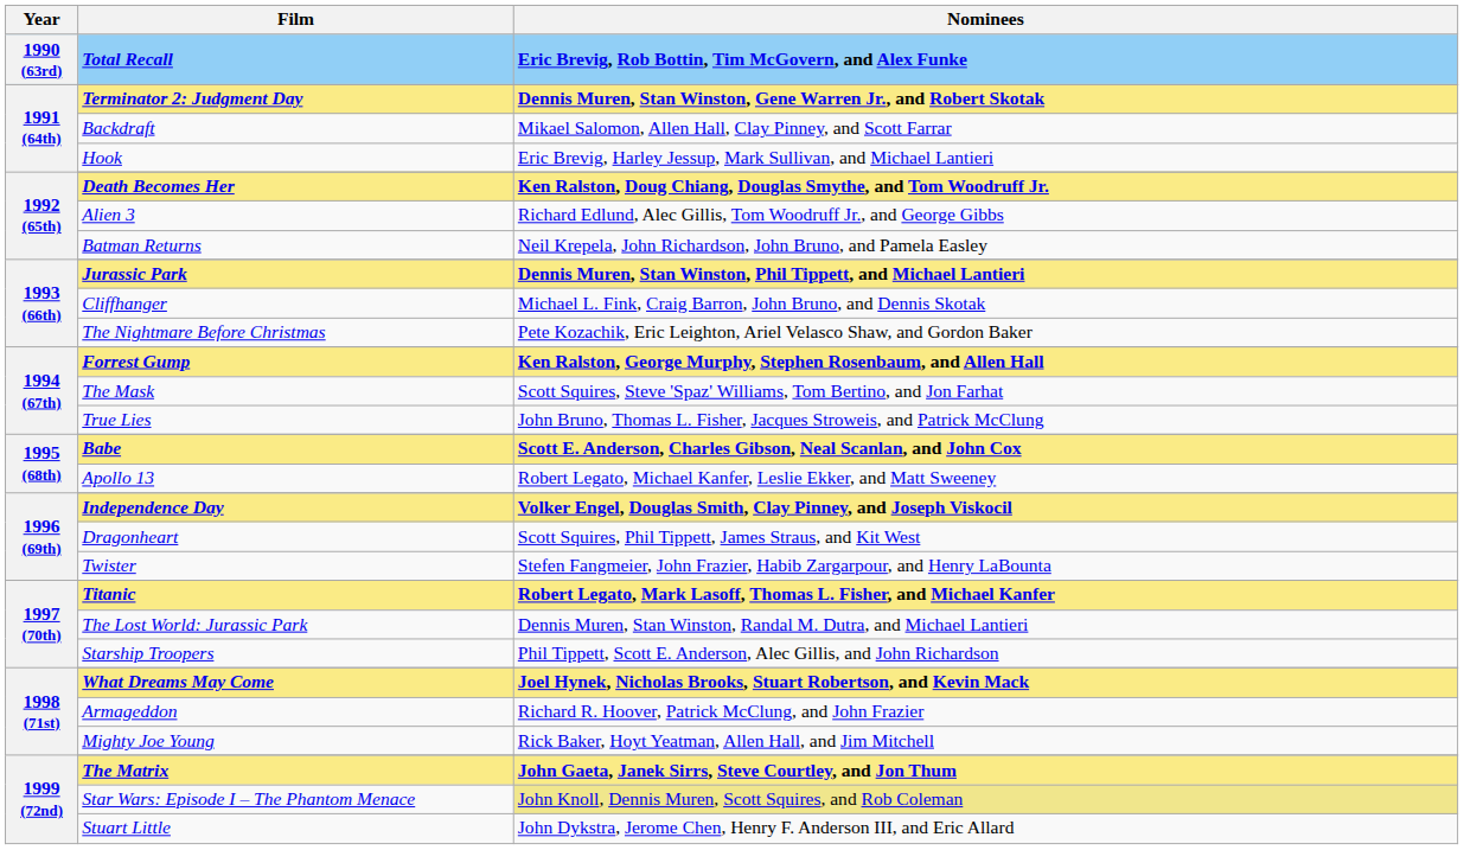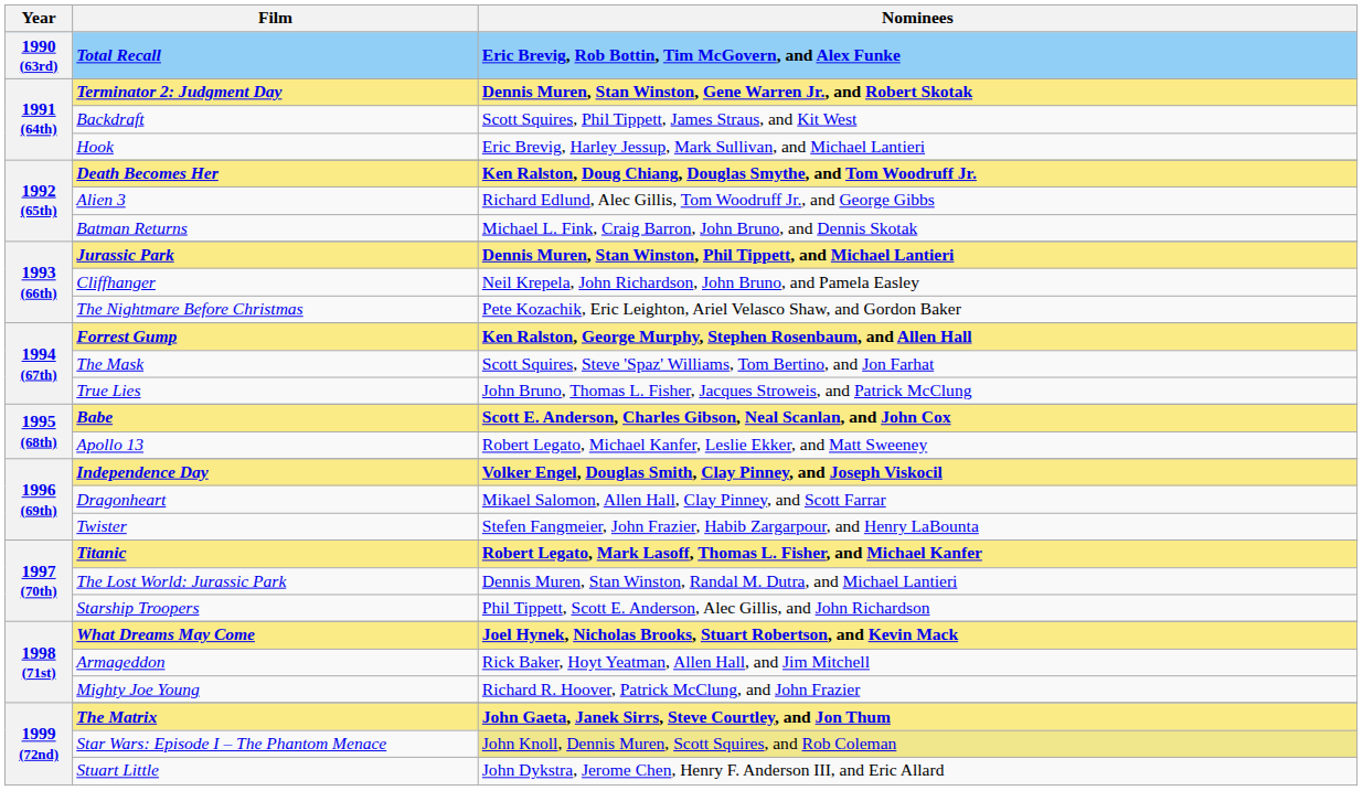 <table class="wikitable" style="width:100%">
 <tr bgcolor="#bebebe">
 <th width="5%">Year</th>
 <th width="30%">Film</th>
 <th width="65%">Nominees</th>
 </tr>
 <tr style="background:#91CFF6;">
 <th><a href='#'>1990</a><br><small><a href='#'>(63rd)</a></small></th>
 <td><strong><em><a href='#'>Total Recall</a></em></strong> </td>
 <td><strong><a href='#'>Eric Brevig</a>, <a href='#'>Rob Bottin</a>, <a href='#'>Tim McGovern</a>, and <a href='#'>Alex Funke</a></strong></td>
 </tr>
 <tr>
 <th rowspan="4" style="text-align:center"><a href='#'>1991</a><br><small><a href='#'>(64th)</a></small></th>
 </tr>
 <tr style="background:#FAEB86">
 <td><strong><em><a href='#'>Terminator 2: Judgment Day</a></em></strong></td>
 <td><strong><a href='#'>Dennis Muren</a>, <a href='#'>Stan Winston</a>, <a href='#'>Gene Warren Jr.</a>, and <a href='#'>Robert Skotak</a></strong></td>
 </tr>
 <tr>
 <td><em><a href='#'>Backdraft</a></em></td>
-<td><a href='#'>Mikael Salomon</a>, <a href='#'>Allen Hall</a>, <a href='#'>Clay Pinney</a>, and <a href='#'>Scott Farrar</a></td>
+<td><a href='#'>Scott Squires</a>, <a href='#'>Phil Tippett</a>, <a href='#'>James Straus</a>, and <a href='#'>Kit West</a></td>
 </tr>
 <tr>
 <td><em><a href='#'>Hook</a></em></td>
 <td><a href='#'>Eric Brevig</a>, <a href='#'>Harley Jessup</a>, <a href='#'>Mark Sullivan</a>, and <a href='#'>Michael Lantieri</a></td>
 </tr>
 <tr>
 <th rowspan="4" style="text-align:center"><a href='#'>1992</a><br><small><a href='#'>(65th)</a></small></th>
 </tr>
 <tr style="background:#FAEB86">
 <td><strong><em><a href='#'>Death Becomes Her</a></em></strong></td>
 <td><strong><a href='#'>Ken Ralston</a>, <a href='#'>Doug Chiang</a>, <a href='#'>Douglas Smythe</a>, and <a href='#'>Tom Woodruff Jr.</a></strong></td>
 </tr>
 <tr>
 <td><em><a href='#'>Alien 3</a></em></td>
 <td><a href='#'>Richard Edlund</a>, Alec Gillis, <a href='#'>Tom Woodruff Jr.</a>, and <a href='#'>George Gibbs</a></td>
 </tr>
 <tr>
 <td><em><a href='#'>Batman Returns</a></em></td>
-<td><a href='#'>Neil Krepela</a>, <a href='#'>John Richardson</a>, <a href='#'>John Bruno</a>, and Pamela Easley</td>
+<td><a href='#'>Michael L. Fink</a>, <a href='#'>Craig Barron</a>, <a href='#'>John Bruno</a>, and <a href='#'>Dennis Skotak</a></td>
 </tr>
 <tr>
 <th rowspan="4" style="text-align:center"><a href='#'>1993</a><br><small><a href='#'>(66th)</a></small></th>
 </tr>
 <tr style="background:#FAEB86">
 <td><strong><em><a href='#'>Jurassic Park</a></em></strong></td>
 <td><strong><a href='#'>Dennis Muren</a>, <a href='#'>Stan Winston</a>, <a href='#'>Phil Tippett</a>, and <a href='#'>Michael Lantieri</a></strong></td>
 </tr>
 <tr>
 <td><em><a href='#'>Cliffhanger</a></em></td>
-<td><a href='#'>Michael L. Fink</a>, <a href='#'>Craig Barron</a>, <a href='#'>John Bruno</a>, and <a href='#'>Dennis Skotak</a></td>
+<td><a href='#'>Neil Krepela</a>, <a href='#'>John Richardson</a>, <a href='#'>John Bruno</a>, and Pamela Easley</td>
 </tr>
 <tr>
 <td><em><a href='#'>The Nightmare Before Christmas</a></em></td>
 <td><a href='#'>Pete Kozachik</a>, Eric Leighton, Ariel Velasco Shaw, and Gordon Baker</td>
 </tr>
 <tr>
 <th rowspan="4" style="text-align:center"><a href='#'>1994</a><br><small><a href='#'>(67th)</a></small></th>
 </tr>
 <tr style="background:#FAEB86">
 <td><strong><em><a href='#'>Forrest Gump</a></em></strong></td>
 <td><strong><a href='#'>Ken Ralston</a>, <a href='#'>George Murphy</a>, <a href='#'>Stephen Rosenbaum</a>, and <a href='#'>Allen Hall</a></strong></td>
 </tr>
 <tr>
 <td><em><a href='#'>The Mask</a></em></td>
 <td><a href='#'>Scott Squires</a>, <a href='#'>Steve 'Spaz' Williams</a>, <a href='#'>Tom Bertino</a>, and <a href='#'>Jon Farhat</a></td>
 </tr>
 <tr>
 <td><em><a href='#'>True Lies</a></em></td>
 <td><a href='#'>John Bruno</a>, <a href='#'>Thomas L. Fisher</a>, <a href='#'>Jacques Stroweis</a>, and <a href='#'>Patrick McClung</a></td>
 </tr>
 <tr>
 <th rowspan="3" style="text-align:center"><a href='#'>1995</a><br><small><a href='#'>(68th)</a></small></th>
 </tr>
 <tr style="background:#FAEB86">
 <td><strong><em><a href='#'>Babe</a></em></strong></td>
 <td><strong><a href='#'>Scott E. Anderson</a>, <a href='#'>Charles Gibson</a>, <a href='#'>Neal Scanlan</a>, and <a href='#'>John Cox</a></strong></td>
 </tr>
 <tr>
 <td><em><a href='#'>Apollo 13</a></em></td>
 <td><a href='#'>Robert Legato</a>, <a href='#'>Michael Kanfer</a>, <a href='#'>Leslie Ekker</a>, and <a href='#'>Matt Sweeney</a></td>
 </tr>
 <tr>
 <th rowspan="4" style="text-align:center"><a href='#'>1996</a><br><small><a href='#'>(69th)</a></small></th>
 </tr>
 <tr style="background:#FAEB86">
 <td><strong><em><a href='#'>Independence Day</a></em></strong></td>
 <td><strong><a href='#'>Volker Engel</a>, <a href='#'>Douglas Smith</a>, <a href='#'>Clay Pinney</a>, and <a href='#'>Joseph Viskocil</a></strong></td>
 </tr>
 <tr>
 <td><em><a href='#'>Dragonheart</a></em></td>
-<td><a href='#'>Scott Squires</a>, <a href='#'>Phil Tippett</a>, <a href='#'>James Straus</a>, and <a href='#'>Kit West</a></td>
+<td><a href='#'>Mikael Salomon</a>, <a href='#'>Allen Hall</a>, <a href='#'>Clay Pinney</a>, and <a href='#'>Scott Farrar</a></td>
 </tr>
 <tr>
 <td><em><a href='#'>Twister</a></em></td>
 <td><a href='#'>Stefen Fangmeier</a>, <a href='#'>John Frazier</a>, <a href='#'>Habib Zargarpour</a>, and <a href='#'>Henry LaBounta</a></td>
 </tr>
 <tr>
 <th rowspan="4" style="text-align:center"><a href='#'>1997</a><br><small><a href='#'>(70th)</a></small></th>
 </tr>
 <tr style="background:#FAEB86">
 <td><strong><em><a href='#'>Titanic</a></em></strong></td>
 <td><strong><a href='#'>Robert Legato</a>, <a href='#'>Mark Lasoff</a>, <a href='#'>Thomas L. Fisher</a>, and <a href='#'>Michael Kanfer</a></strong></td>
 </tr>
 <tr>
 <td><em><a href='#'>The Lost World: Jurassic Park</a></em></td>
 <td><a href='#'>Dennis Muren</a>, <a href='#'>Stan Winston</a>, <a href='#'>Randal M. Dutra</a>, and <a href='#'>Michael Lantieri</a></td>
 </tr>
 <tr>
 <td><em><a href='#'>Starship Troopers</a></em></td>
 <td><a href='#'>Phil Tippett</a>, <a href='#'>Scott E. Anderson</a>, Alec Gillis, and <a href='#'>John Richardson</a></td>
 </tr>
 <tr>
 <th rowspan="4" style="text-align:center"><a href='#'>1998</a><br><small><a href='#'>(71st)</a></small></th>
 </tr>
 <tr style="background:#FAEB86">
 <td><strong><em><a href='#'>What Dreams May Come</a></em></strong></td>
 <td><strong><a href='#'>Joel Hynek</a>, <a href='#'>Nicholas Brooks</a>, <a href='#'>Stuart Robertson</a>, and <a href='#'>Kevin Mack</a></strong></td>
 </tr>
 <tr>
 <td><em><a href='#'>Armageddon</a></em></td>
-<td><a href='#'>Richard R. Hoover</a>, <a href='#'>Patrick McClung</a>, and <a href='#'>John Frazier</a></td>
+<td><a href='#'>Rick Baker</a>, <a href='#'>Hoyt Yeatman</a>, <a href='#'>Allen Hall</a>, and <a href='#'>Jim Mitchell</a></td>
 </tr>
 <tr>
 <td><em><a href='#'>Mighty Joe Young</a></em></td>
-<td><a href='#'>Rick Baker</a>, <a href='#'>Hoyt Yeatman</a>, <a href='#'>Allen Hall</a>, and <a href='#'>Jim Mitchell</a></td>
+<td><a href='#'>Richard R. Hoover</a>, <a href='#'>Patrick McClung</a>, and <a href='#'>John Frazier</a></td>
 </tr>
 <tr>
 <th rowspan="4" style="text-align:center"><a href='#'>1999</a><br><small><a href='#'>(72nd)</a></small></th>
 </tr>
 <tr style="background:#FAEB86">
 <td><strong><em><a href='#'>The Matrix</a></em></strong></td>
 <td><strong><a href='#'>John Gaeta</a>, <a href='#'>Janek Sirrs</a>, <a href='#'>Steve Courtley</a>, and <a href='#'>Jon Thum</a></strong></td>
 </tr>
 <tr>
 <td><em><a href='#'>Star Wars: Episode I – The Phantom Menace</a></em></td>
 <td style="background: khaki;"><a href='#'>John Knoll</a>, <a href='#'>Dennis Muren</a>, <a href='#'>Scott Squires</a>, and <a href='#'>Rob Coleman</a></td>
 </tr>
 <tr>
 <td><em><a href='#'>Stuart Little</a></em></td>
 <td><a href='#'>John Dykstra</a>, <a href='#'>Jerome Chen</a>, Henry F. Anderson III, and Eric Allard</td>
 </tr>
 </table>
